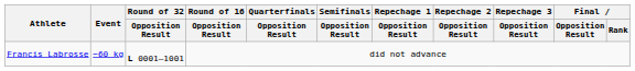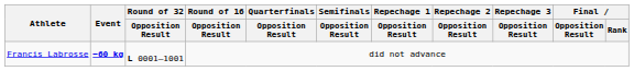 <table class="wikitable" style="font-size:90%">
 <tr>
 <th rowspan="2">Athlete</th>
 <th rowspan="2">Event</th>
 <th>Round of 32</th>
 <th>Round of 16</th>
 <th>Quarterfinals</th>
 <th>Semifinals</th>
 <th>Repechage 1</th>
 <th>Repechage 2</th>
 <th>Repechage 3</th>
 <th colspan=2>Final / </th>
 </tr>
 <tr style="font-size:95%">
 <th>Opposition<br>Result</th>
 <th>Opposition<br>Result</th>
 <th>Opposition<br>Result</th>
 <th>Opposition<br>Result</th>
 <th>Opposition<br>Result</th>
 <th>Opposition<br>Result</th>
 <th>Opposition<br>Result</th>
 <th>Opposition<br>Result</th>
 <th>Rank</th>
 </tr>
 <tr align=center>
 <td align=left><a href='#'>Francis Labrosse</a></td>
-<td align=left><a href='#'>−60 kg</a></td>
+<td align=left><strong><a href='#'>−60 kg</a></strong></td>
 <td><br><strong>L</strong> 0001–1001</td>
 <td colspan=8>did not advance</td>
 </tr>
 </table>
